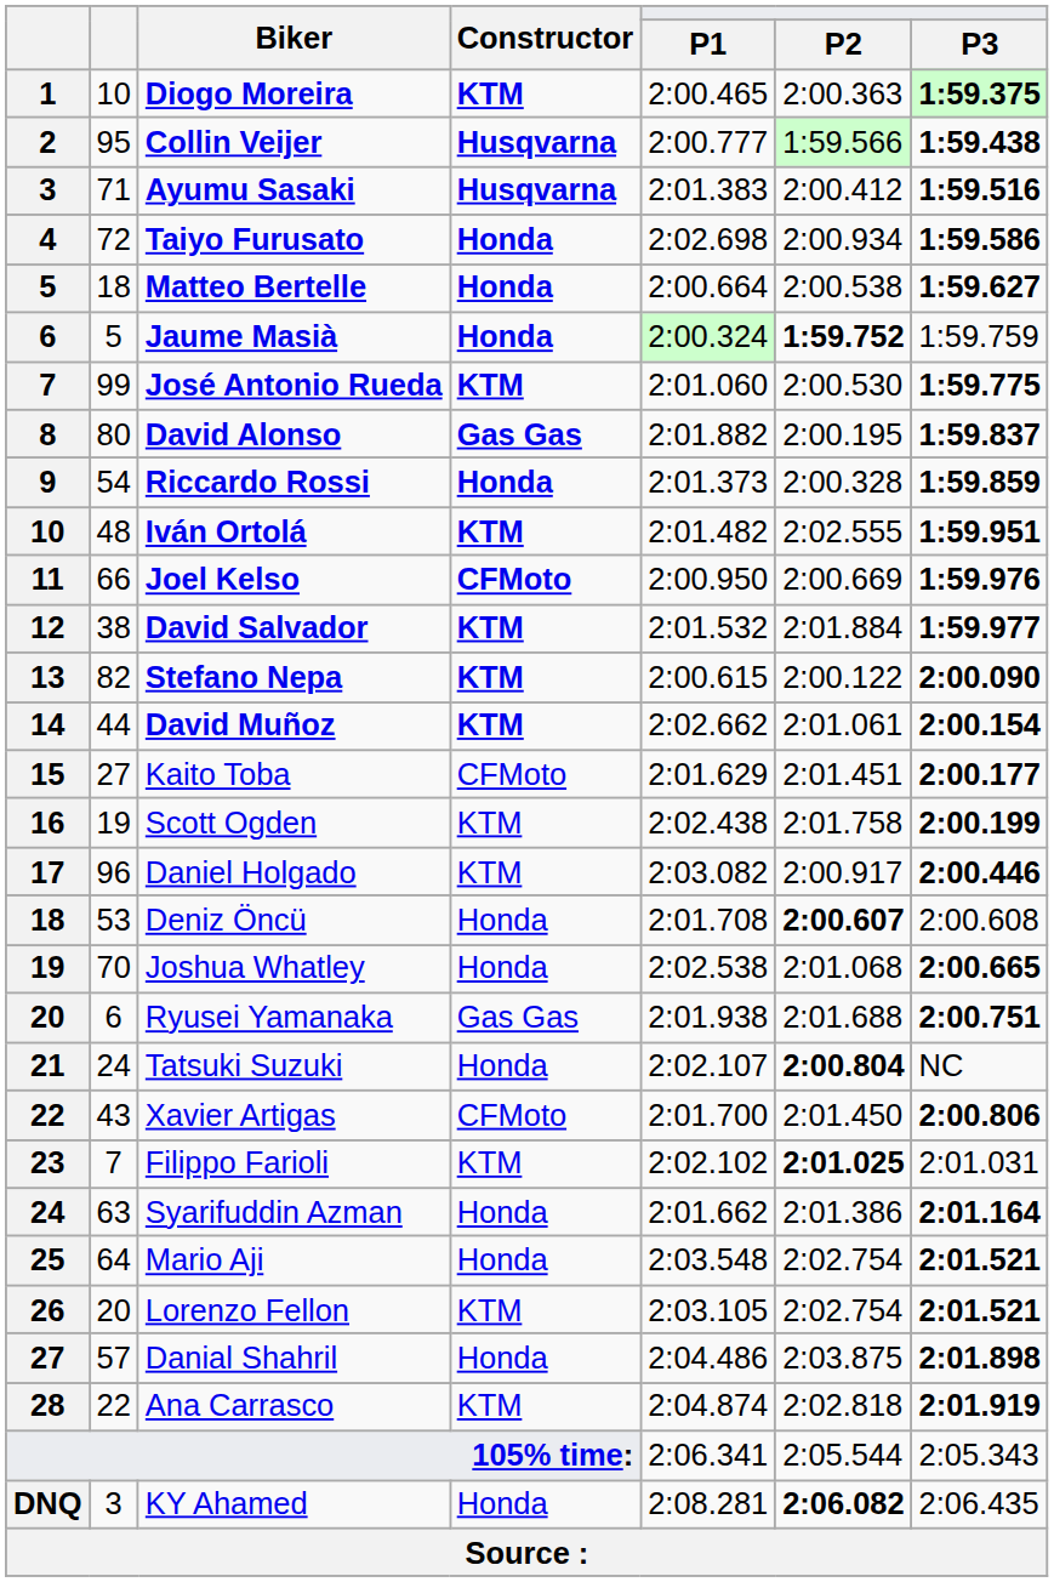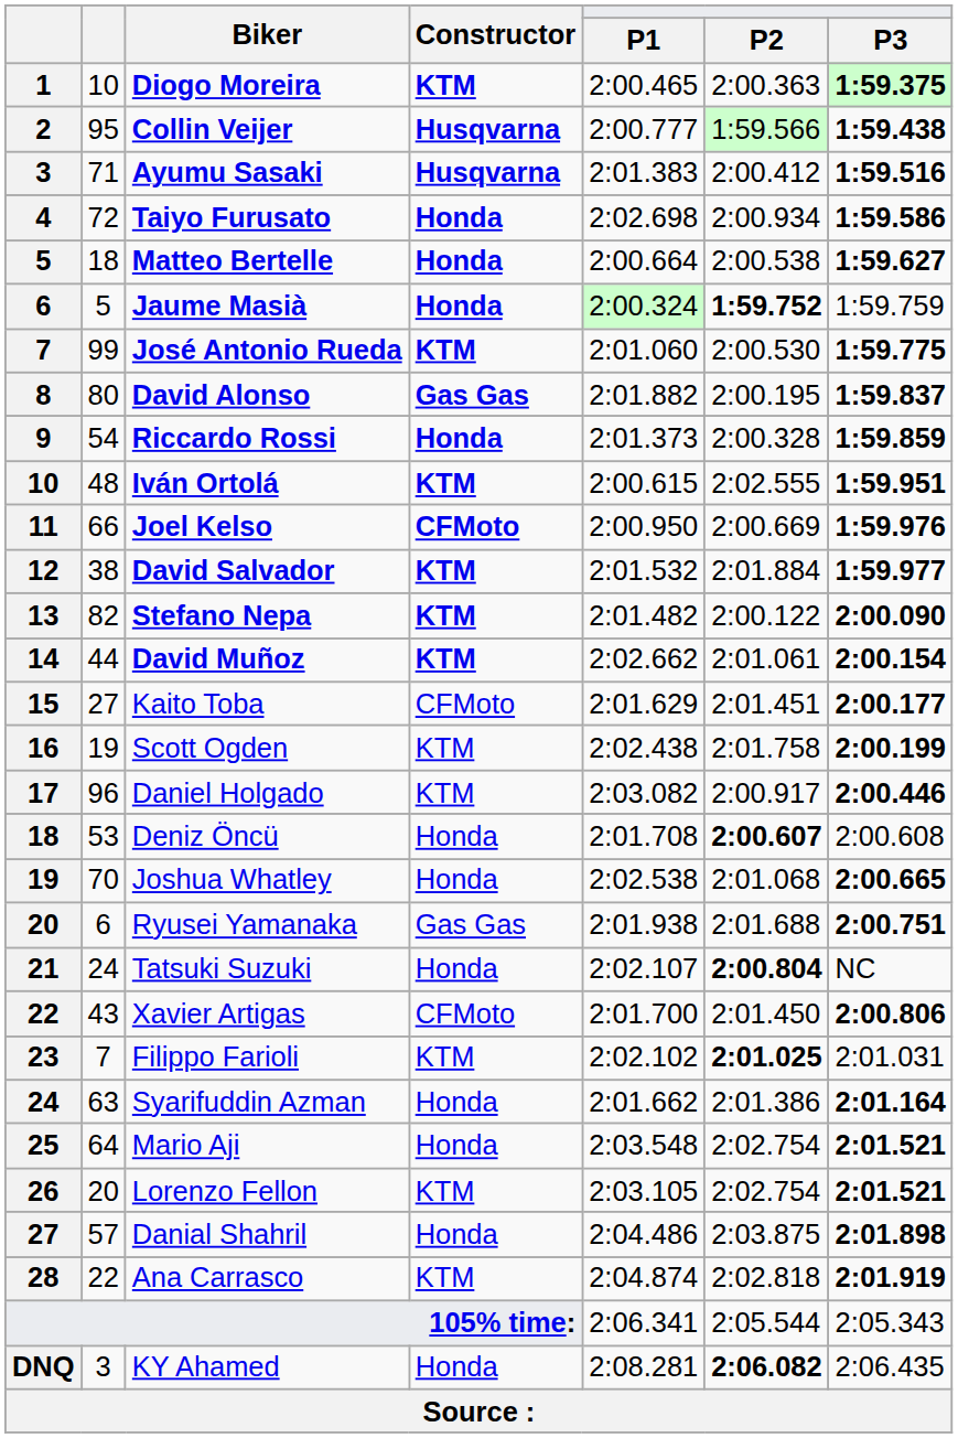 <table class="wikitable sortable" style="font-size: 85%;">
 <tr>
 <th rowspan="2"></th>
 <th rowspan="2"></th>
 <th rowspan="2">Biker</th>
 <th rowspan="2">Constructor</th>
 <th colspan="3" style="background:#eaecf0; text-align:center;"></th>
 </tr>
 <tr>
 <th scope="col">P1</th>
 <th scope="col">P2</th>
 <th scope="col">P3</th>
 </tr>
 <tr>
 <th scope="row">1</th>
 <td align="center">10</td>
 <td><strong> <a href='#'>Diogo Moreira</a></strong></td>
 <td><strong><a href='#'>KTM</a></strong></td>
 <td>2:00.465</td>
 <td>2:00.363</td>
 <td style="background:#ccffcc;"><strong>1:59.375</strong></td>
 </tr>
 <tr>
 <th scope="row">2</th>
 <td align="center">95</td>
 <td><strong> <a href='#'>Collin Veijer</a></strong></td>
 <td><strong><a href='#'>Husqvarna</a></strong></td>
 <td>2:00.777</td>
 <td style="background:#ccffcc;">1:59.566</td>
 <td><strong>1:59.438</strong></td>
 </tr>
 <tr>
 <th scope="row">3</th>
 <td align="center">71</td>
 <td><strong> <a href='#'>Ayumu Sasaki</a></strong></td>
 <td><strong><a href='#'>Husqvarna</a></strong></td>
 <td>2:01.383</td>
 <td>2:00.412</td>
 <td><strong>1:59.516</strong></td>
 </tr>
 <tr>
 <th scope="row">4</th>
 <td align="center">72</td>
 <td> <strong><a href='#'>Taiyo Furusato</a></strong></td>
 <td><strong><a href='#'>Honda</a></strong></td>
 <td>2:02.698</td>
 <td>2:00.934</td>
 <td><strong>1:59.586</strong></td>
 </tr>
 <tr>
 <th scope="row">5</th>
 <td align="center">18</td>
 <td><strong> <a href='#'>Matteo Bertelle</a></strong></td>
 <td><strong><a href='#'>Honda</a></strong></td>
 <td>2:00.664</td>
 <td>2:00.538</td>
 <td><strong>1:59.627</strong></td>
 </tr>
 <tr>
 <th scope="row">6</th>
 <td align="center">5</td>
 <td> <strong><a href='#'>Jaume Masià</a></strong></td>
 <td><strong><a href='#'>Honda</a></strong></td>
 <td style="background:#ccffcc;">2:00.324</td>
 <td><strong>1:59.752</strong></td>
 <td>1:59.759</td>
 </tr>
 <tr>
 <th scope="row">7</th>
 <td align="center">99</td>
 <td><strong></strong> <strong><a href='#'>José Antonio Rueda</a></strong></td>
 <td><strong><a href='#'>KTM</a></strong></td>
 <td>2:01.060</td>
 <td>2:00.530</td>
 <td><strong>1:59.775</strong></td>
 </tr>
 <tr>
 <th scope="row">8</th>
 <td align="center">80</td>
 <td><strong> <a href='#'>David Alonso</a></strong></td>
 <td><strong><a href='#'>Gas Gas</a></strong></td>
 <td>2:01.882</td>
 <td>2:00.195</td>
 <td><strong>1:59.837</strong></td>
 </tr>
 <tr>
 <th scope="row">9</th>
 <td align="center">54</td>
 <td><strong> <a href='#'>Riccardo Rossi</a></strong></td>
 <td><strong><a href='#'>Honda</a></strong></td>
 <td>2:01.373</td>
 <td>2:00.328</td>
 <td><strong>1:59.859</strong></td>
 </tr>
 <tr>
 <th scope="row">10</th>
 <td align="center">48</td>
 <td><strong> <a href='#'>Iván Ortolá</a></strong></td>
 <td><strong><a href='#'>KTM</a></strong></td>
-<td>2:01.482</td>
+<td>2:00.615</td>
 <td>2:02.555</td>
 <td><strong>1:59.951</strong></td>
 </tr>
 <tr>
 <th scope="row">11</th>
 <td align="center">66</td>
 <td> <strong><a href='#'>Joel Kelso</a></strong></td>
 <td><strong><a href='#'>CFMoto</a></strong></td>
 <td>2:00.950</td>
 <td>2:00.669</td>
 <td><strong>1:59.976</strong></td>
 </tr>
 <tr>
 <th scope="row">12</th>
 <td align="center">38</td>
 <td><strong> <a href='#'>David Salvador</a></strong></td>
 <td><strong><a href='#'>KTM</a></strong></td>
 <td>2:01.532</td>
 <td>2:01.884</td>
 <td><strong>1:59.977</strong></td>
 </tr>
 <tr>
 <th scope="row">13</th>
 <td align="center">82</td>
 <td><strong> <a href='#'>Stefano Nepa</a></strong></td>
 <td><strong><a href='#'>KTM</a></strong></td>
-<td>2:00.615</td>
+<td>2:01.482</td>
 <td>2:00.122</td>
 <td><strong>2:00.090</strong></td>
 </tr>
 <tr>
 <th scope="row">14</th>
 <td align="center">44</td>
 <td><strong></strong> <strong><a href='#'>David Muñoz</a></strong></td>
 <td><strong><a href='#'>KTM</a></strong></td>
 <td>2:02.662</td>
 <td>2:01.061</td>
 <td><strong>2:00.154</strong></td>
 </tr>
 <tr>
 <th scope="row">15</th>
 <td align="center">27</td>
 <td> <a href='#'>Kaito Toba</a></td>
 <td><a href='#'>CFMoto</a></td>
 <td>2:01.629</td>
 <td>2:01.451</td>
 <td><strong>2:00.177</strong></td>
 </tr>
 <tr>
 <th scope="row">16</th>
 <td align="center">19</td>
 <td> <a href='#'>Scott Ogden</a></td>
 <td><a href='#'>KTM</a></td>
 <td>2:02.438</td>
 <td>2:01.758</td>
 <td><strong>2:00.199</strong></td>
 </tr>
 <tr>
 <th scope="row">17</th>
 <td align="center">96</td>
 <td> <a href='#'>Daniel Holgado</a></td>
 <td><a href='#'>KTM</a></td>
 <td>2:03.082</td>
 <td>2:00.917</td>
 <td><strong>2:00.446</strong></td>
 </tr>
 <tr>
 <th scope="row">18</th>
 <td align="center">53</td>
 <td> <a href='#'>Deniz Öncü</a></td>
 <td><a href='#'>Honda</a></td>
 <td>2:01.708</td>
 <td><strong>2:00.607</strong></td>
 <td>2:00.608</td>
 </tr>
 <tr>
 <th scope="row">19</th>
 <td align="center">70</td>
 <td> <a href='#'>Joshua Whatley</a></td>
 <td><a href='#'>Honda</a></td>
 <td>2:02.538</td>
 <td>2:01.068</td>
 <td><strong>2:00.665</strong></td>
 </tr>
 <tr>
 <th scope="row">20</th>
 <td align="center">6</td>
 <td> <a href='#'>Ryusei Yamanaka</a></td>
 <td><a href='#'>Gas Gas</a></td>
 <td>2:01.938</td>
 <td>2:01.688</td>
 <td><strong>2:00.751</strong></td>
 </tr>
 <tr>
 <th scope="row">21</th>
 <td align="center">24</td>
 <td> <a href='#'>Tatsuki Suzuki</a></td>
 <td><a href='#'>Honda</a></td>
 <td>2:02.107</td>
 <td><strong>2:00.804</strong></td>
 <td>NC</td>
 </tr>
 <tr>
 <th scope="row">22</th>
 <td align="center">43</td>
 <td> <a href='#'>Xavier Artigas</a></td>
 <td><a href='#'>CFMoto</a></td>
 <td>2:01.700</td>
 <td>2:01.450</td>
 <td><strong>2:00.806</strong></td>
 </tr>
 <tr>
 <th scope="row">23</th>
 <td align="center">7</td>
 <td> <a href='#'>Filippo Farioli</a></td>
 <td><a href='#'>KTM</a></td>
 <td>2:02.102</td>
 <td><strong>2:01.025</strong></td>
 <td>2:01.031</td>
 </tr>
 <tr>
 <th scope="row">24</th>
 <td align="center">63</td>
 <td> <a href='#'>Syarifuddin Azman</a></td>
 <td><a href='#'>Honda</a></td>
 <td>2:01.662</td>
 <td>2:01.386</td>
 <td><strong>2:01.164</strong></td>
 </tr>
 <tr>
 <th scope="row">25</th>
 <td align="center">64</td>
 <td> <a href='#'>Mario Aji</a></td>
 <td><a href='#'>Honda</a></td>
 <td>2:03.548</td>
 <td>2:02.754</td>
 <td><strong>2:01.521</strong></td>
 </tr>
 <tr>
 <th scope="row">26</th>
 <td align="center">20</td>
 <td> <a href='#'>Lorenzo Fellon</a></td>
 <td><a href='#'>KTM</a></td>
 <td>2:03.105</td>
 <td>2:02.754</td>
 <td><strong>2:01.521</strong></td>
 </tr>
 <tr>
 <th scope="row">27</th>
 <td align="center">57</td>
 <td> <a href='#'>Danial Shahril</a></td>
 <td><a href='#'>Honda</a></td>
 <td>2:04.486</td>
 <td>2:03.875</td>
 <td><strong>2:01.898</strong></td>
 </tr>
 <tr>
 <th scope="row">28</th>
 <td align="center">22</td>
 <td> <a href='#'>Ana Carrasco</a></td>
 <td><a href='#'>KTM</a></td>
 <td>2:04.874</td>
 <td>2:02.818</td>
 <td><strong>2:01.919</strong></td>
 </tr>
 <tr class="sortbottom">
 <td colspan="4" style="background-color:#eaecf0;text-align:right"><strong><a href='#'>105% time</a>:</strong></td>
 <td>2:06.341</td>
 <td>2:05.544</td>
 <td>2:05.343</td>
 </tr>
 <tr>
 <th scope="row">DNQ</th>
 <td align="center">3</td>
 <td> <a href='#'>KY Ahamed</a></td>
 <td><a href='#'>Honda</a></td>
 <td>2:08.281</td>
 <td><strong>2:06.082</strong></td>
 <td>2:06.435</td>
 </tr>
 <tr>
 <th colspan="7">Source : </th>
 </tr>
 </table>
